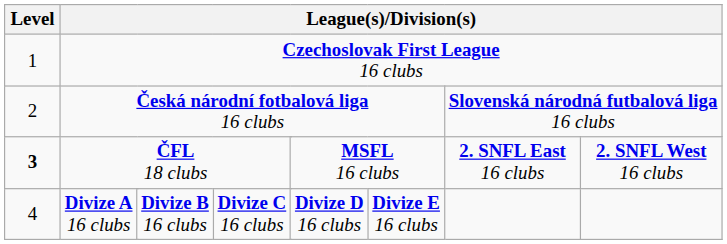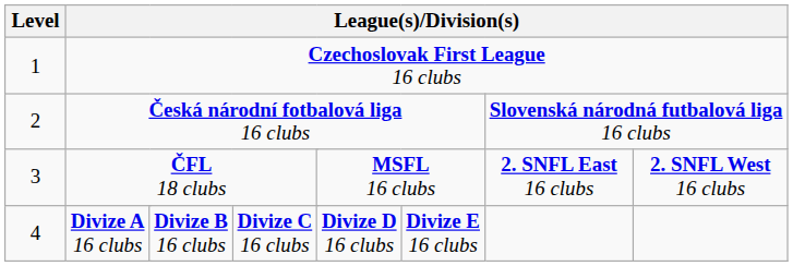 <table class="wikitable" style="text-align: center;">
 <tr>
 <th colspan="1" width=40>Level</th>
 <th colspan="20">League(s)/Division(s)</th>
 </tr>
 <tr>
 <td colspan="1"  width=40>1</td>
 <td colspan="20"><strong><a href='#'>Czechoslovak First League</a></strong><br><em>16 clubs</em></td>
 </tr>
 <tr>
 <td colspan="1"  width=40>2</td>
 <td colspan="10"><strong><a href='#'>Česká národní fotbalová liga</a></strong><br><em>16 clubs</em></td>
 <td colspan="10"><strong><a href='#'>Slovenská národná futbalová liga</a></strong><br><em>16 clubs</em></td>
 </tr>
 <tr>
-<td width=40><strong>3</strong></td>
+<td width=40>3</td>
 <td colspan="6"><strong><a href='#'>ČFL</a></strong><br><em>18 clubs</em></td>
 <td colspan="4"><strong><a href='#'>MSFL</a></strong><br><em>16 clubs</em></td>
 <td><strong><a href='#'>2. SNFL East</a></strong><br><em>16 clubs</em></td>
 <td><strong><a href='#'>2. SNFL West</a></strong><br><em>16 clubs</em></td>
 </tr>
 <tr>
 <td colspan="1"  width=40>4</td>
 <td colspan="2"><strong><a href='#'>Divize A</a></strong><br><em>16 clubs</em></td>
 <td colspan="2"><strong><a href='#'>Divize B</a></strong><br><em>16 clubs</em></td>
 <td colspan="2"><strong><a href='#'>Divize C</a></strong><br><em>16 clubs</em></td>
 <td colspan="2"><strong><a href='#'>Divize D</a></strong><br><em>16 clubs</em></td>
 <td colspan="2"><strong><a href='#'>Divize E</a></strong><br><em>16 clubs</em></td>
 <td></td>
 <td></td>
 </tr>
 </table>
